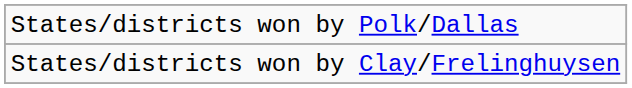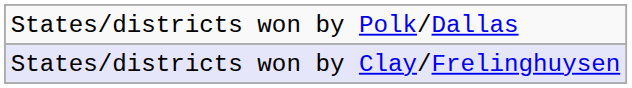 <table class="wikitable">
 <tr>
 <td>States/districts won by <a href='#'>Polk</a>/<a href='#'>Dallas</a></td>
 </tr>
 <tr>
-<td>States/districts won by <a href='#'>Clay</a>/<a href='#'>Frelinghuysen</a></td>
+<td style="background: lavender;">States/districts won by <a href='#'>Clay</a>/<a href='#'>Frelinghuysen</a></td>
 </tr>
 </table>
